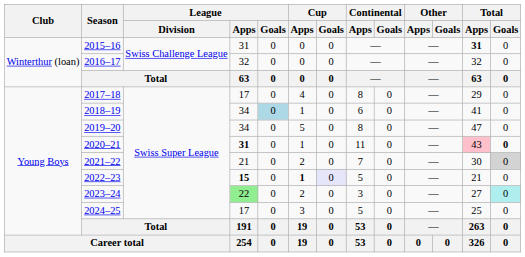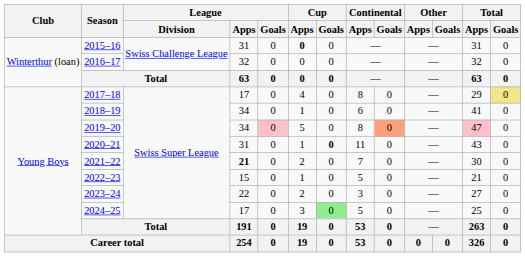 <table class="wikitable" style="text-align:center">
 <tr>
 <th rowspan="2">Club</th>
 <th rowspan="2">Season</th>
 <th colspan="3">League</th>
 <th colspan="2">Cup</th>
 <th colspan="2">Continental</th>
 <th colspan="2">Other</th>
 <th colspan="2">Total</th>
 </tr>
 <tr>
 <th>Division</th>
 <th>Apps</th>
 <th>Goals</th>
 <th>Apps</th>
 <th>Goals</th>
 <th>Apps</th>
 <th>Goals</th>
 <th>Apps</th>
 <th>Goals</th>
 <th>Apps</th>
 <th>Goals</th>
 </tr>
 <tr>
 <td rowspan="3"><a href='#'>Winterthur</a> (loan)</td>
 <td><a href='#'>2015–16</a></td>
 <td rowspan="2"><a href='#'>Swiss Challenge League</a></td>
 <td>31</td>
 <td>0</td>
-<td>0</td>
+<td><strong>0</strong></td>
 <td>0</td>
 <td colspan="2">—</td>
 <td colspan="2">—</td>
-<td><strong>31</strong></td>
+<td>31</td>
 <td>0</td>
 </tr>
 <tr>
 <td><a href='#'>2016–17</a></td>
 <td>32</td>
 <td>0</td>
 <td>0</td>
 <td>0</td>
 <td colspan="2">—</td>
 <td colspan="2">—</td>
 <td>32</td>
 <td>0</td>
 </tr>
 <tr>
 <th colspan="2">Total</th>
 <th>63</th>
 <th>0</th>
 <th>0</th>
 <th>0</th>
 <th colspan="2">—</th>
 <th colspan="2">—</th>
 <th>63</th>
 <th>0</th>
 </tr>
 <tr>
 <td rowspan="9"><a href='#'>Young Boys</a></td>
 <td><a href='#'>2017–18</a></td>
 <td rowspan="8"><a href='#'>Swiss Super League</a></td>
 <td>17</td>
 <td>0</td>
 <td>4</td>
 <td>0</td>
 <td>8</td>
 <td>0</td>
 <td colspan="2">—</td>
 <td>29</td>
-<td>0</td>
+<td style="background: khaki;">0</td>
 </tr>
 <tr>
 <td><a href='#'>2018–19</a></td>
 <td>34</td>
-<td style="background: lightblue;">0</td>
+<td>0</td>
 <td>1</td>
 <td>0</td>
 <td>6</td>
 <td>0</td>
 <td colspan="2">—</td>
 <td>41</td>
 <td>0</td>
 </tr>
 <tr>
 <td><a href='#'>2019–20</a></td>
 <td>34</td>
-<td>0</td>
+<td style="background: pink;">0</td>
 <td>5</td>
 <td>0</td>
 <td>8</td>
-<td>0</td>
+<td style="background: lightsalmon;">0</td>
 <td colspan="2">—</td>
-<td>47</td>
+<td style="background: pink;">47</td>
 <td>0</td>
 </tr>
 <tr>
 <td><a href='#'>2020–21</a></td>
-<td><strong>31</strong></td>
+<td>31</td>
 <td>0</td>
 <td>1</td>
-<td>0</td>
+<td><strong>0</strong></td>
 <td>11</td>
 <td>0</td>
 <td colspan="2">—</td>
-<td style="background: pink;">43</td>
-<td><strong>0</strong></td>
+<td>43</td>
+<td>0</td>
 </tr>
 <tr>
 <td><a href='#'>2021–22</a></td>
-<td>21</td>
+<td><strong>21</strong></td>
 <td>0</td>
 <td>2</td>
 <td>0</td>
 <td>7</td>
 <td>0</td>
 <td colspan="2">—</td>
 <td>30</td>
-<td style="background: lightgrey;">0</td>
+<td>0</td>
 </tr>
 <tr>
 <td><a href='#'>2022–23</a></td>
-<td><strong>15</strong></td>
+<td>15</td>
 <td>0</td>
-<td><strong>1</strong></td>
-<td style="background: lavender;">0</td>
+<td>1</td>
+<td>0</td>
 <td>5</td>
 <td>0</td>
 <td colspan="2">—</td>
 <td>21</td>
 <td>0</td>
 </tr>
 <tr>
 <td><a href='#'>2023–24</a></td>
-<td style="background: lightgreen;">22</td>
+<td>22</td>
 <td>0</td>
 <td>2</td>
 <td>0</td>
 <td>3</td>
 <td>0</td>
 <td colspan="2">—</td>
 <td>27</td>
-<td style="background: paleturquoise;">0</td>
+<td>0</td>
 </tr>
 <tr>
 <td><a href='#'>2024–25</a></td>
 <td>17</td>
 <td>0</td>
 <td>3</td>
-<td>0</td>
+<td style="background: lightgreen;">0</td>
 <td>5</td>
 <td>0</td>
 <td colspan="2">—</td>
 <td>25</td>
 <td>0</td>
 </tr>
 <tr>
 <th colspan="2">Total</th>
 <th>191</th>
 <th>0</th>
 <th>19</th>
 <th>0</th>
 <th>53</th>
 <th>0</th>
 <th colspan="2">—</th>
 <th>263</th>
 <th>0</th>
 </tr>
 <tr>
 <th colspan="3">Career total</th>
 <th>254</th>
 <th>0</th>
 <th>19</th>
 <th>0</th>
 <th>53</th>
 <th>0</th>
 <th>0</th>
 <th>0</th>
 <th>326</th>
 <th>0</th>
 </tr>
 </table>
